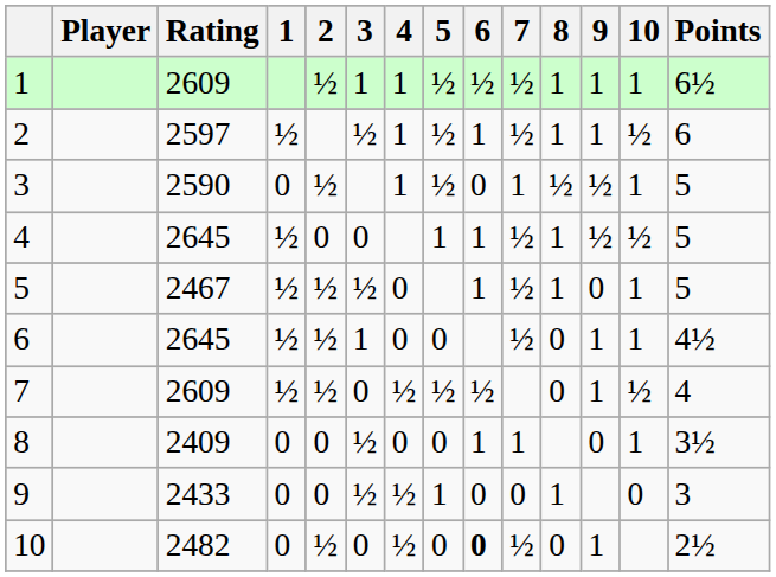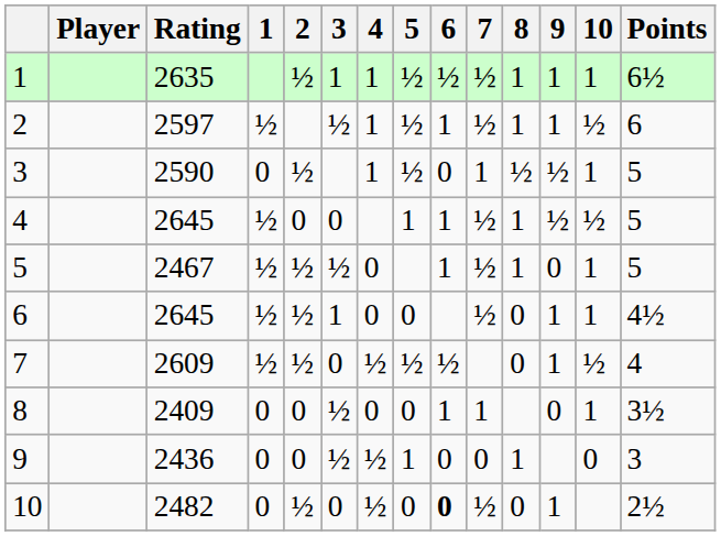 <table class=wikitable>
 <tr>
 <th></th>
 <th>Player</th>
 <th>Rating</th>
 <th>1</th>
 <th>2</th>
 <th>3</th>
 <th>4</th>
 <th>5</th>
 <th>6</th>
 <th>7</th>
 <th>8</th>
 <th>9</th>
 <th>10</th>
 <th>Points</th>
 </tr>
 <tr style="background:#ccffcc">
 <td>1</td>
 <td><strong></strong></td>
-<td>2609</td>
+<td>2635</td>
 <td></td>
 <td>½</td>
 <td>1</td>
 <td>1</td>
 <td>½</td>
 <td>½</td>
 <td>½</td>
 <td>1</td>
 <td>1</td>
 <td>1</td>
 <td>6½</td>
 </tr>
 <tr>
 <td>2</td>
 <td></td>
 <td>2597</td>
 <td>½</td>
 <td></td>
 <td>½</td>
 <td>1</td>
 <td>½</td>
 <td>1</td>
 <td>½</td>
 <td>1</td>
 <td>1</td>
 <td>½</td>
 <td>6</td>
 </tr>
 <tr>
 <td>3</td>
 <td></td>
 <td>2590</td>
 <td>0</td>
 <td>½</td>
 <td></td>
 <td>1</td>
 <td>½</td>
 <td>0</td>
 <td>1</td>
 <td>½</td>
 <td>½</td>
 <td>1</td>
 <td>5</td>
 </tr>
 <tr>
 <td>4</td>
 <td></td>
 <td>2645</td>
 <td>½</td>
 <td>0</td>
 <td>0</td>
 <td></td>
 <td>1</td>
 <td>1</td>
 <td>½</td>
 <td>1</td>
 <td>½</td>
 <td>½</td>
 <td>5</td>
 </tr>
 <tr>
 <td>5</td>
 <td></td>
 <td>2467</td>
 <td>½</td>
 <td>½</td>
 <td>½</td>
 <td>0</td>
 <td></td>
 <td>1</td>
 <td>½</td>
 <td>1</td>
 <td>0</td>
 <td>1</td>
 <td>5</td>
 </tr>
 <tr>
 <td>6</td>
 <td></td>
 <td>2645</td>
 <td>½</td>
 <td>½</td>
 <td>1</td>
 <td>0</td>
 <td>0</td>
 <td></td>
 <td>½</td>
 <td>0</td>
 <td>1</td>
 <td>1</td>
 <td>4½</td>
 </tr>
 <tr>
 <td>7</td>
 <td></td>
 <td>2609</td>
 <td>½</td>
 <td>½</td>
 <td>0</td>
 <td>½</td>
 <td>½</td>
 <td>½</td>
 <td></td>
 <td>0</td>
 <td>1</td>
 <td>½</td>
 <td>4</td>
 </tr>
 <tr>
 <td>8</td>
 <td></td>
 <td>2409</td>
 <td>0</td>
 <td>0</td>
 <td>½</td>
 <td>0</td>
 <td>0</td>
 <td>1</td>
 <td>1</td>
 <td></td>
 <td>0</td>
 <td>1</td>
 <td>3½</td>
 </tr>
 <tr>
 <td>9</td>
 <td></td>
-<td>2433</td>
+<td>2436</td>
 <td>0</td>
 <td>0</td>
 <td>½</td>
 <td>½</td>
 <td>1</td>
 <td>0</td>
 <td>0</td>
 <td>1</td>
 <td></td>
 <td>0</td>
 <td>3</td>
 </tr>
 <tr>
 <td>10</td>
 <td></td>
 <td>2482</td>
 <td>0</td>
 <td>½</td>
 <td>0</td>
 <td>½</td>
 <td>0</td>
 <td><strong>0</strong></td>
 <td>½</td>
 <td>0</td>
 <td>1</td>
 <td></td>
 <td>2½</td>
 </tr>
 </table>
